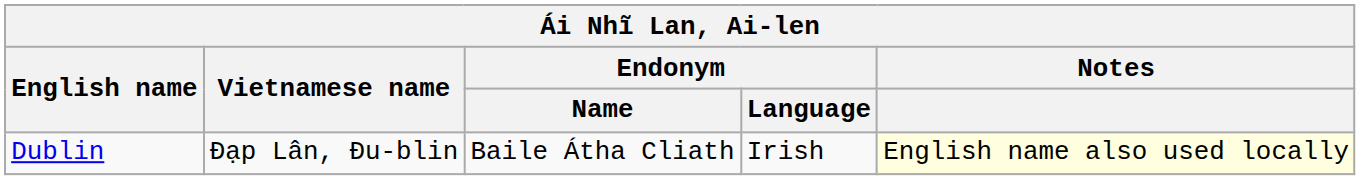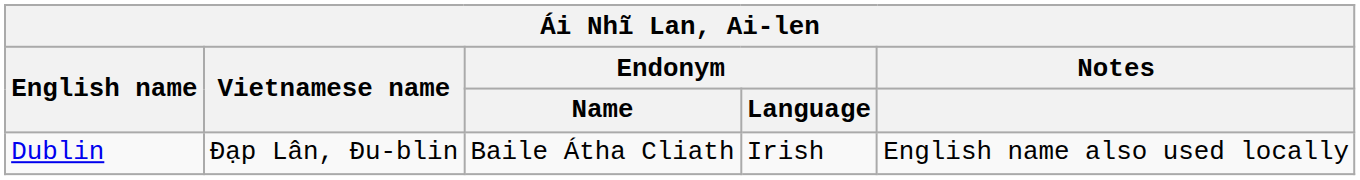 <table class="wikitable sortable">
 <tr>
 <th colspan="5"> Ái Nhĩ Lan, Ai-len</th>
 </tr>
 <tr>
 <th rowspan="2">English name</th>
 <th rowspan="2">Vietnamese name</th>
 <th colspan="2">Endonym</th>
 <th>Notes</th>
 </tr>
 <tr>
 <th>Name</th>
 <th>Language</th>
 <th></th>
 </tr>
 <tr>
 <td><a href='#'>Dublin</a></td>
 <td>Đạp Lân, Đu-blin</td>
 <td>Baile Átha Cliath</td>
 <td>Irish</td>
-<td style="background: lightyellow;">English name also used locally</td>
+<td>English name also used locally</td>
 </tr>
 </table>
